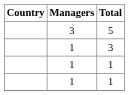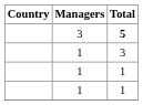 <table class="toccolours sortable" border="1" cellpadding="3" style="font-size:95%; border-collapse:collapse;">
 <tr>
 <th>Country</th>
 <th>Managers</th>
 <th>Total</th>
 </tr>
 <tr>
 <td></td>
 <td align=center>3</td>
-<td align=center>5</td>
+<td align=center><strong>5</strong></td>
 </tr>
 <tr>
 <td></td>
 <td align=center>1</td>
 <td align=center>3</td>
 </tr>
 <tr>
 <td></td>
 <td align=center>1</td>
 <td align=center>1</td>
 </tr>
 <tr>
 <td></td>
 <td align=center>1</td>
 <td align=center>1</td>
 </tr>
 <tr>
 </tr>
 </table>
